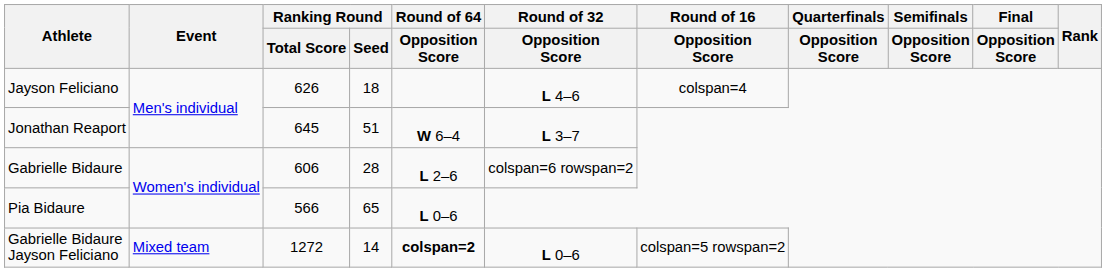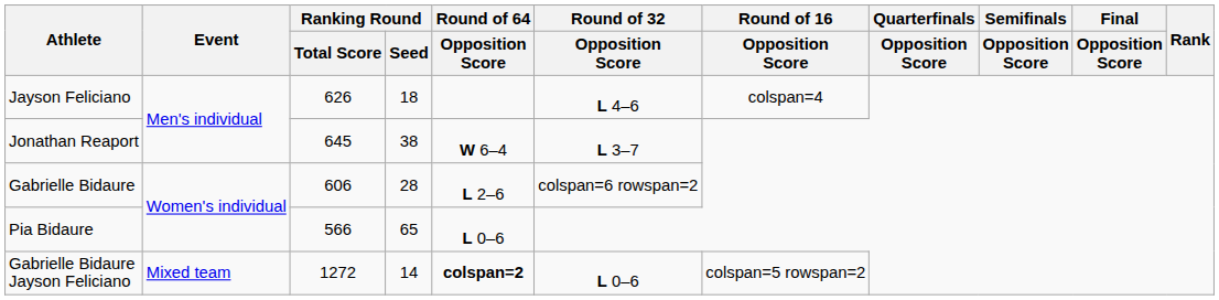 <table class="wikitable" style="font-size:90%; text-align:center">
 <tr>
 <th rowspan=2>Athlete</th>
 <th rowspan=2>Event</th>
 <th colspan=2>Ranking Round</th>
 <th>Round of 64</th>
 <th>Round of 32</th>
 <th>Round of 16</th>
 <th>Quarterfinals</th>
 <th>Semifinals</th>
 <th>Final</th>
 <th rowspan=2>Rank</th>
 </tr>
 <tr>
 <th>Total Score</th>
 <th>Seed</th>
 <th>Opposition<br>Score</th>
 <th>Opposition<br>Score</th>
 <th>Opposition<br>Score</th>
 <th>Opposition<br>Score</th>
 <th>Opposition<br>Score</th>
 <th>Opposition<br>Score</th>
 </tr>
 <tr>
 <td align=left>Jayson Feliciano</td>
 <td rowspan=2 align=left><a href='#'>Men's individual</a></td>
 <td>626</td>
 <td>18</td>
 <td></td>
 <td><br><strong>L</strong> 4–6</td>
 <td>colspan=4 </td>
 </tr>
 <tr>
 <td align=left>Jonathan Reaport</td>
 <td>645</td>
-<td>51</td>
+<td>38</td>
 <td><br><strong>W</strong> 6–4</td>
 <td><br><strong>L</strong> 3–7</td>
 </tr>
 <tr>
 <td align=left>Gabrielle Bidaure</td>
 <td rowspan=2 align=left><a href='#'>Women's individual</a></td>
 <td>606</td>
 <td>28</td>
 <td><br><strong>L</strong> 2–6</td>
 <td>colspan=6 rowspan=2</td>
 </tr>
 <tr>
 <td align=left>Pia Bidaure</td>
 <td>566</td>
 <td>65</td>
 <td><br><strong>L</strong> 0–6</td>
 </tr>
 <tr>
 <td align=left>Gabrielle Bidaure<br>Jayson Feliciano</td>
 <td align=left><a href='#'>Mixed team</a></td>
 <td>1272</td>
 <td>14</td>
 <td><strong>colspan=2 </strong></td>
 <td><br><strong>L</strong> 0–6</td>
 <td>colspan=5 rowspan=2 </td>
 </tr>
 </table>
